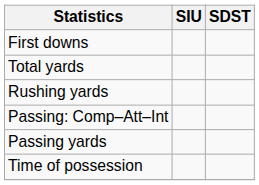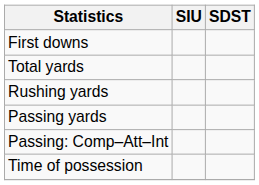 <table class="wikitable" style="float: left;">
 <tr>
 <th>Statistics</th>
 <th>SIU</th>
 <th>SDST</th>
 </tr>
 <tr>
 <td>First downs</td>
 <td></td>
 <td></td>
 </tr>
 <tr>
 <td>Total yards</td>
 <td></td>
 <td></td>
 </tr>
 <tr>
 <td>Rushing yards</td>
 <td></td>
 <td></td>
 </tr>
 <tr>
-<td>Passing: Comp–Att–Int</td>
+<td>Passing yards</td>
 <td></td>
 <td></td>
 </tr>
 <tr>
-<td>Passing yards</td>
+<td>Passing: Comp–Att–Int</td>
 <td></td>
 <td></td>
 </tr>
 <tr>
 <td>Time of possession</td>
 <td></td>
 <td></td>
 </tr>
 <tr>
 </tr>
 </table>
